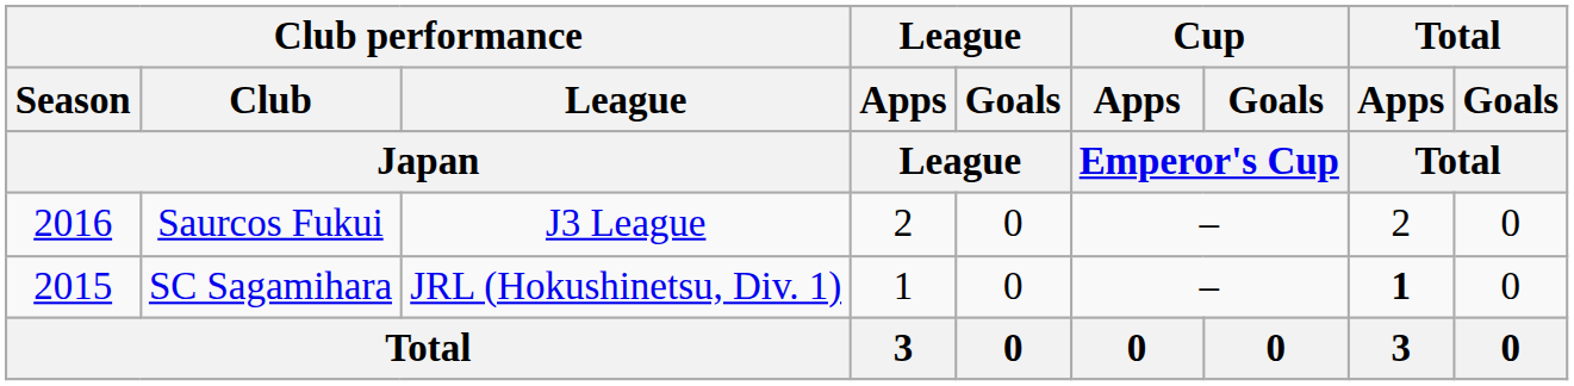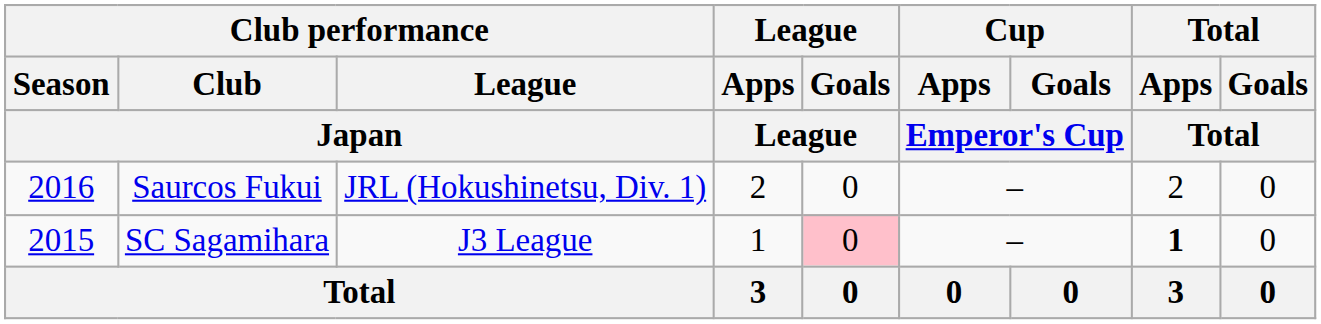 <table class="wikitable" style="text-align:center;">
 <tr>
 <th colspan=3>Club performance</th>
 <th colspan=2>League</th>
 <th colspan=2>Cup</th>
 <th colspan=2>Total</th>
 </tr>
 <tr>
 <th>Season</th>
 <th>Club</th>
 <th>League</th>
 <th>Apps</th>
 <th>Goals</th>
 <th>Apps</th>
 <th>Goals</th>
 <th>Apps</th>
 <th>Goals</th>
 </tr>
 <tr>
 <th colspan=3>Japan</th>
 <th colspan=2>League</th>
 <th colspan=2><a href='#'>Emperor's Cup</a></th>
 <th colspan=2>Total</th>
 </tr>
 <tr>
 <td><a href='#'>2016</a></td>
 <td><a href='#'>Saurcos Fukui</a></td>
-<td rowspan="1"><a href='#'>J3 League</a></td>
+<td><a href='#'>JRL (Hokushinetsu, Div. 1)</a></td>
 <td>2</td>
 <td>0</td>
 <td colspan="2">–</td>
 <td>2</td>
 <td>0</td>
 </tr>
 <tr>
 <td><a href='#'>2015</a></td>
 <td rowspan="1"><a href='#'>SC Sagamihara</a></td>
-<td><a href='#'>JRL (Hokushinetsu, Div. 1)</a></td>
+<td rowspan="1"><a href='#'>J3 League</a></td>
 <td>1</td>
-<td>0</td>
+<td style="background: pink;">0</td>
 <td colspan="2">–</td>
 <td><strong>1</strong></td>
 <td>0</td>
 </tr>
 <tr>
 <th colspan=3>Total</th>
 <th>3</th>
 <th>0</th>
 <th>0</th>
 <th>0</th>
 <th>3</th>
 <th>0</th>
 </tr>
 </table>
